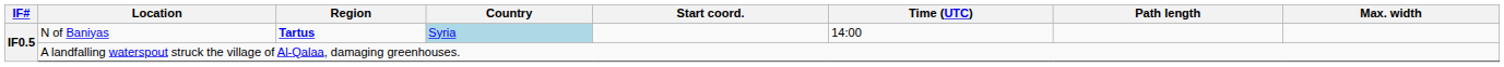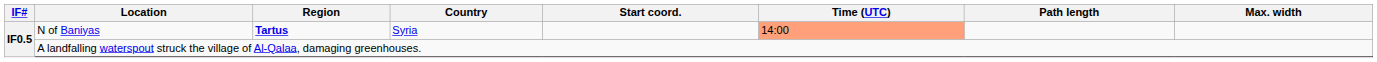 <table class="wikitable sortable" style="width:100%;">
 <tr>
 <th scope="col" width="2%" align="center"><a href='#'>IF#</a></th>
 <th scope="col" align="center" class="unsortable">Location</th>
 <th scope="col" align="center" class="unsortable">Region</th>
 <th scope="col" align="center">Country</th>
 <th scope="col" align="center">Start coord.</th>
 <th scope="col" align="center">Time (<a href='#'>UTC</a>)</th>
 <th scope="col" align="center">Path length</th>
 <th scope="col" align="center">Max. width</th>
 </tr>
 <tr>
 <th scope="row" rowspan="2" style="background-color:#">IF0.5</th>
 <td>N of <a href='#'>Baniyas</a></td>
 <td><strong><a href='#'>Tartus</a></strong></td>
-<td style="background: lightblue;"><a href='#'>Syria</a></td>
+<td><a href='#'>Syria</a></td>
 <td></td>
-<td>14:00</td>
+<td style="background: lightsalmon;">14:00</td>
 <td></td>
 <td></td>
 </tr>
 <tr class="expand-child">
 <td colspan="8" style=" border-bottom: 1px solid black;">A landfalling <a href='#'>waterspout</a> struck the village of <a href='#'>Al-Qalaa</a>, damaging greenhouses.</td>
 </tr>
 </table>
